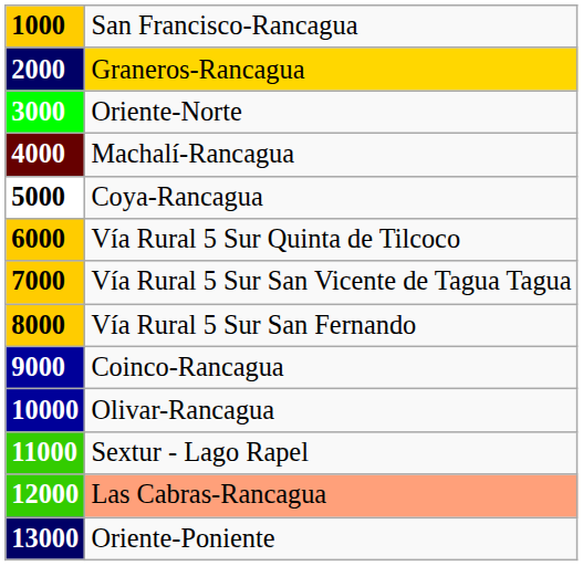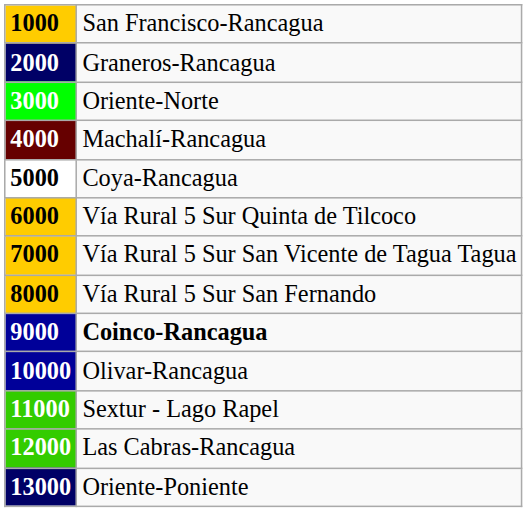 <table class="wikitable">
 <tr>
 <td bgcolor="#ffcc00" style="color:black;"><strong>1000</strong></td>
 <td>San Francisco-Rancagua</td>
 </tr>
 <tr>
 <td bgcolor="#000066" style="color:white;"><strong>2000</strong></td>
-<td style="background: gold;">Graneros-Rancagua</td>
+<td>Graneros-Rancagua</td>
 </tr>
 <tr>
 <td bgcolor="00ff00" style="color:white;"><strong>3000</strong></td>
 <td>Oriente-Norte</td>
 </tr>
 <tr>
 <td bgcolor="660000" style="color:white;"><strong>4000</strong></td>
 <td>Machalí-Rancagua</td>
 </tr>
 <tr>
 <td bgcolor="#ffffff" style="color:black;"><strong>5000</strong></td>
 <td>Coya-Rancagua</td>
 </tr>
 <tr>
 <td bgcolor="#ffcc00" style="color:black;"><strong>6000</strong></td>
 <td>Vía Rural 5 Sur Quinta de Tilcoco</td>
 </tr>
 <tr>
 <td bgcolor="#ffcc00" style="color:black;"><strong>7000</strong></td>
 <td>Vía Rural 5 Sur San Vicente de Tagua Tagua</td>
 </tr>
 <tr>
 <td bgcolor="#ffcc00" style="color:black;"><strong>8000</strong></td>
 <td>Vía Rural 5 Sur San Fernando</td>
 </tr>
 <tr>
 <td bgcolor="000099" style="color:white;"><strong>9000</strong></td>
-<td>Coinco-Rancagua</td>
+<td><strong>Coinco-Rancagua</strong></td>
 </tr>
 <tr>
 <td bgcolor="000099" style="color:white;"><strong>10000</strong></td>
 <td>Olivar-Rancagua</td>
 </tr>
 <tr>
 <td bgcolor="#33cc00" style="color:white;"><strong>11000</strong></td>
 <td>Sextur - Lago Rapel</td>
 </tr>
 <tr>
 <td bgcolor="#33cc00" style="color:white;"><strong>12000</strong></td>
-<td style="background: lightsalmon;">Las Cabras-Rancagua</td>
+<td>Las Cabras-Rancagua</td>
 </tr>
 <tr>
 <td bgcolor="#000066" style="color:white;"><strong>13000</strong></td>
 <td>Oriente-Poniente</td>
 </tr>
 </table>
